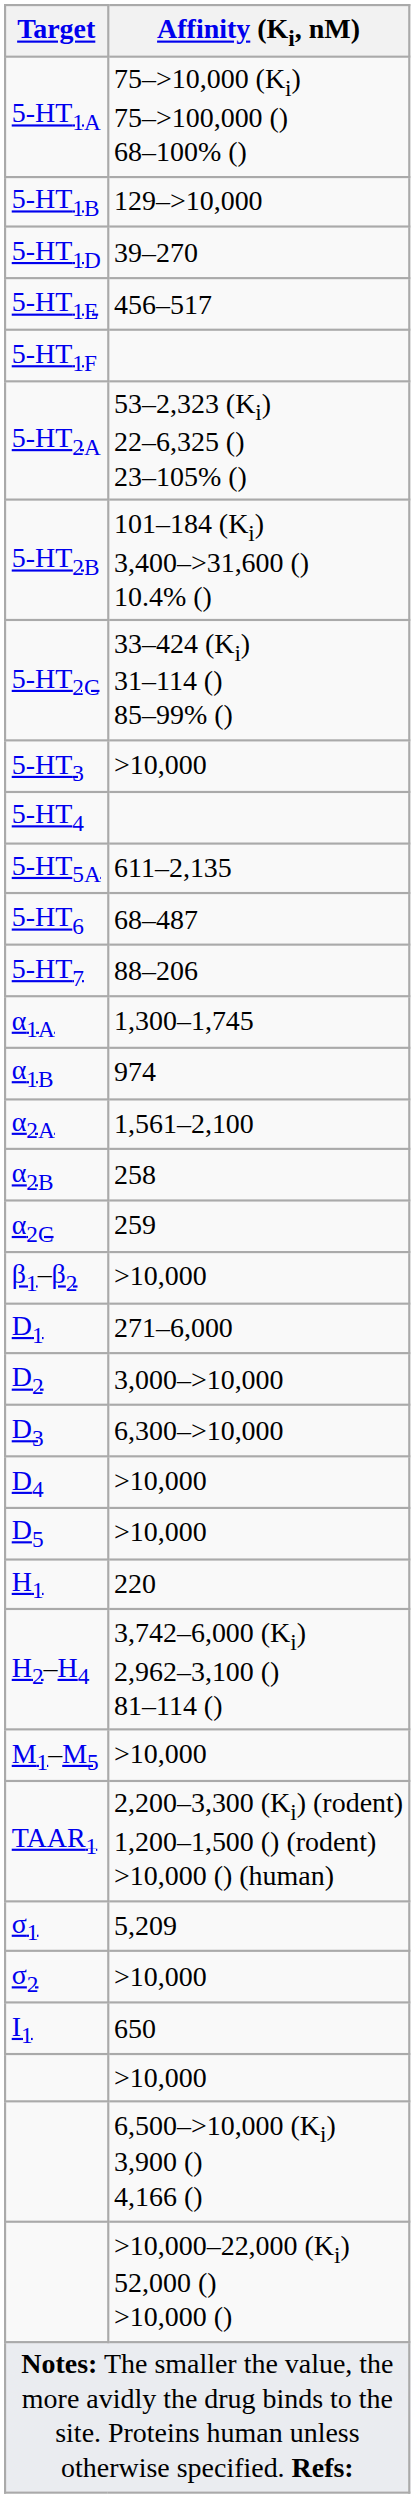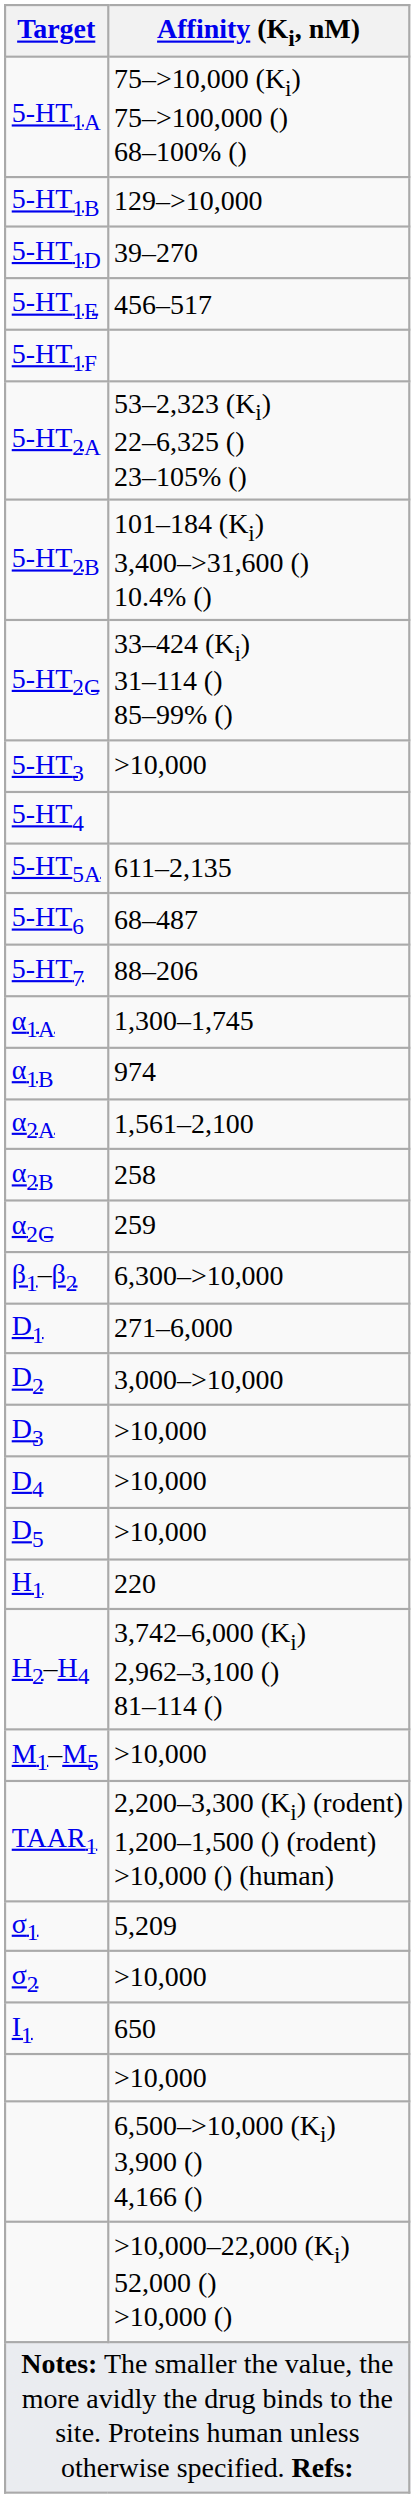 <table class="wikitable floatright" style="font-size:small;">
 <tr>
 <th><a href='#'>Target</a></th>
 <th><a href='#'>Affinity</a> (K<sub>i</sub>, nM)</th>
 </tr>
 <tr>
 <td><a href='#'>5-HT<sub>1A</sub></a></td>
 <td>75–>10,000 (K<sub>i</sub>)<br>75–>100,000 ()<br>68–100% ()</td>
 </tr>
 <tr>
 <td><a href='#'>5-HT<sub>1B</sub></a></td>
 <td>129–>10,000</td>
 </tr>
 <tr>
 <td><a href='#'>5-HT<sub>1D</sub></a></td>
 <td>39–270</td>
 </tr>
 <tr>
 <td><a href='#'>5-HT<sub>1E</sub></a></td>
 <td>456–517</td>
 </tr>
 <tr>
 <td><a href='#'>5-HT<sub>1F</sub></a></td>
 <td></td>
 </tr>
 <tr>
 <td><a href='#'>5-HT<sub>2A</sub></a></td>
 <td>53–2,323 (K<sub>i</sub>)<br>22–6,325 ()<br>23–105% ()</td>
 </tr>
 <tr>
 <td><a href='#'>5-HT<sub>2B</sub></a></td>
 <td>101–184 (K<sub>i</sub>)<br>3,400–>31,600 ()<br>10.4% ()</td>
 </tr>
 <tr>
 <td><a href='#'>5-HT<sub>2C</sub></a></td>
 <td>33–424 (K<sub>i</sub>)<br>31–114 ()<br>85–99% ()</td>
 </tr>
 <tr>
 <td><a href='#'>5-HT<sub>3</sub></a></td>
 <td>>10,000</td>
 </tr>
 <tr>
 <td><a href='#'>5-HT<sub>4</sub></a></td>
 <td></td>
 </tr>
 <tr>
 <td><a href='#'>5-HT<sub>5A</sub></a></td>
 <td>611–2,135</td>
 </tr>
 <tr>
 <td><a href='#'>5-HT<sub>6</sub></a></td>
 <td>68–487</td>
 </tr>
 <tr>
 <td><a href='#'>5-HT<sub>7</sub></a></td>
 <td>88–206</td>
 </tr>
 <tr>
 <td><a href='#'>α<sub>1A</sub></a></td>
 <td>1,300–1,745</td>
 </tr>
 <tr>
 <td><a href='#'>α<sub>1B</sub></a></td>
 <td>974</td>
 </tr>
 <tr>
 <td><a href='#'>α<sub>2A</sub></a></td>
 <td>1,561–2,100</td>
 </tr>
 <tr>
 <td><a href='#'>α<sub>2B</sub></a></td>
 <td>258</td>
 </tr>
 <tr>
 <td><a href='#'>α<sub>2C</sub></a></td>
 <td>259</td>
 </tr>
 <tr>
 <td><a href='#'>β<sub>1</sub></a>–<a href='#'>β<sub>2</sub></a></td>
-<td>>10,000</td>
+<td>6,300–>10,000</td>
 </tr>
 <tr>
 <td><a href='#'>D<sub>1</sub></a></td>
 <td>271–6,000</td>
 </tr>
 <tr>
 <td><a href='#'>D<sub>2</sub></a></td>
 <td>3,000–>10,000</td>
 </tr>
 <tr>
 <td><a href='#'>D<sub>3</sub></a></td>
-<td>6,300–>10,000</td>
+<td>>10,000</td>
 </tr>
 <tr>
 <td><a href='#'>D<sub>4</sub></a></td>
 <td>>10,000</td>
 </tr>
 <tr>
 <td><a href='#'>D<sub>5</sub></a></td>
 <td>>10,000</td>
 </tr>
 <tr>
 <td><a href='#'>H<sub>1</sub></a></td>
 <td>220</td>
 </tr>
 <tr>
 <td><a href='#'>H<sub>2</sub></a>–<a href='#'>H<sub>4</sub></a></td>
 <td>3,742–6,000 (K<sub>i</sub>)<br>2,962–3,100 ()<br>81–114 ()</td>
 </tr>
 <tr>
 <td><a href='#'>M<sub>1</sub></a>–<a href='#'>M<sub>5</sub></a></td>
 <td>>10,000</td>
 </tr>
 <tr>
 <td><a href='#'>TAAR<sub>1</sub></a></td>
 <td>2,200–3,300 (K<sub>i</sub>) (rodent)<br>1,200–1,500 () (rodent)<br>>10,000 () (human)</td>
 </tr>
 <tr>
 <td><a href='#'>σ<sub>1</sub></a></td>
 <td>5,209</td>
 </tr>
 <tr>
 <td><a href='#'>σ<sub>2</sub></a></td>
 <td>>10,000</td>
 </tr>
 <tr>
 <td><a href='#'>I<sub>1</sub></a></td>
 <td>650</td>
 </tr>
 <tr>
 <td></td>
 <td>>10,000</td>
 </tr>
 <tr>
 <td></td>
 <td>6,500–>10,000 (K<sub>i</sub>)<br>3,900 ()<br>4,166 ()</td>
 </tr>
 <tr>
 <td></td>
 <td>>10,000–22,000 (K<sub>i</sub>)<br>52,000 ()<br>>10,000 ()</td>
 </tr>
 <tr class="sortbottom">
 <td colspan="2" style="width: 1px; background-color:#eaecf0; text-align: center;"><strong>Notes:</strong> The smaller the value, the more avidly the drug binds to the site. Proteins human unless otherwise specified. <strong>Refs:</strong> <br></td>
 </tr>
 </table>
